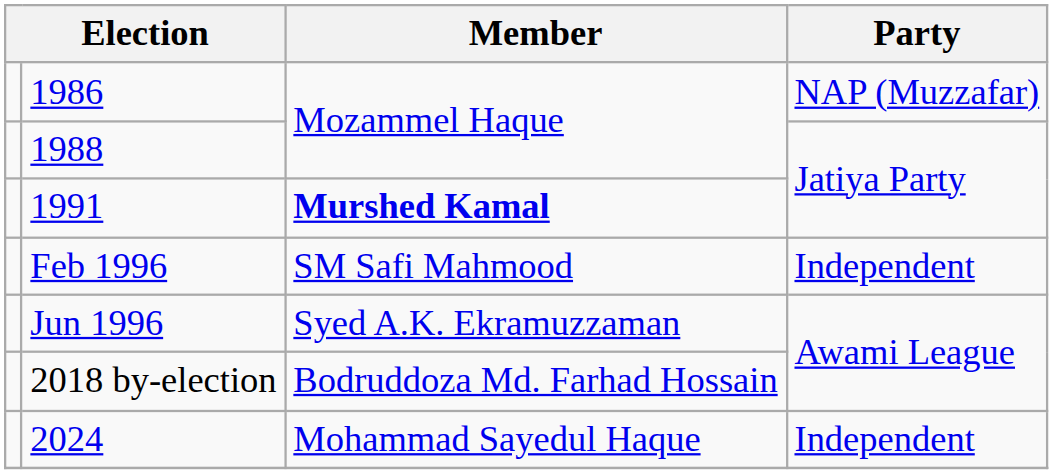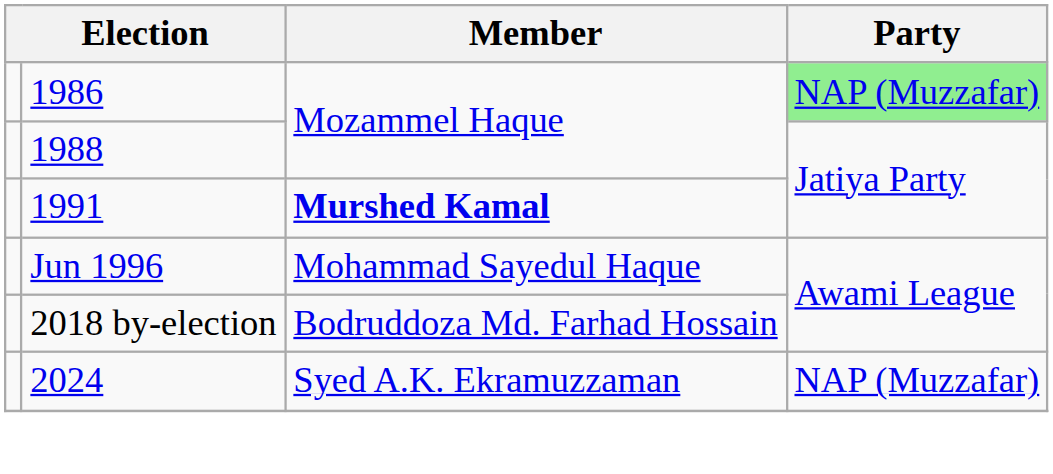 <table class="wikitable">
 <tr>
 <th colspan="2">Election</th>
 <th>Member</th>
 <th>Party</th>
 </tr>
 <tr>
 <td></td>
 <td><a href='#'>1986</a></td>
 <td rowspan="2"><a href='#'>Mozammel Haque</a></td>
-<td><a href='#'>NAP (Muzzafar)</a></td>
+<td style="background: lightgreen;"><a href='#'>NAP (Muzzafar)</a></td>
 </tr>
 <tr>
 <td style="background-color:"></td>
 <td><a href='#'>1988</a></td>
 <td rowspan="2"><a href='#'>Jatiya Party</a></td>
 </tr>
 <tr>
 <td style="background-color:"></td>
 <td><a href='#'>1991</a></td>
 <td><strong><a href='#'>Murshed Kamal</a></strong></td>
 </tr>
 <tr>
 <td style="background-color:"></td>
-<td><a href='#'>Feb 1996</a></td>
-<td><a href='#'>SM Safi Mahmood</a></td>
-<td><a href='#'>Independent</a></td>
-</tr>
-<tr>
-<td style="background-color:"></td>
 <td><a href='#'>Jun 1996</a></td>
-<td><a href='#'>Syed A.K. Ekramuzzaman</a></td>
+<td><a href='#'>Mohammad Sayedul Haque</a></td>
 <td rowspan="2"><a href='#'>Awami League</a></td>
 </tr>
 <tr>
 <td style="background-color:"></td>
 <td>2018 by-election</td>
 <td><a href='#'>Bodruddoza Md. Farhad Hossain</a></td>
 </tr>
 <tr>
 <td style="background-color:"></td>
 <td><a href='#'>2024</a></td>
-<td><a href='#'>Mohammad Sayedul Haque</a></td>
-<td><a href='#'>Independent</a></td>
+<td><a href='#'>Syed A.K. Ekramuzzaman</a></td>
+<td><a href='#'>NAP (Muzzafar)</a></td>
 </tr>
 <tr>
 </tr>
 </table>
